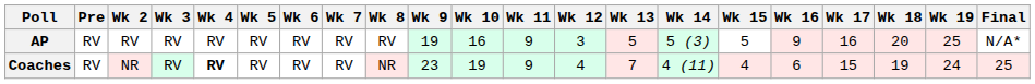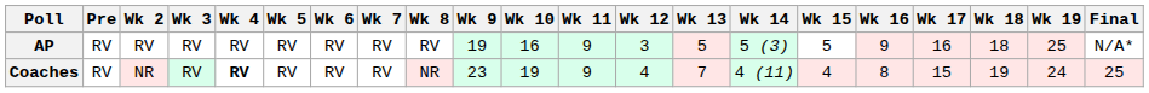 <table class="wikitable" style="white-space:nowrap;">
 <tr>
 <th>Poll</th>
 <th>Pre</th>
 <th>Wk 2</th>
 <th>Wk 3</th>
 <th>Wk 4</th>
 <th>Wk 5</th>
 <th>Wk 6</th>
 <th>Wk 7</th>
 <th>Wk 8</th>
 <th>Wk 9</th>
 <th>Wk 10</th>
 <th>Wk 11</th>
 <th>Wk 12</th>
 <th>Wk 13</th>
 <th>Wk 14</th>
 <th>Wk 15</th>
 <th>Wk 16</th>
 <th>Wk 17</th>
 <th>Wk 18</th>
 <th>Wk 19</th>
 <th>Final</th>
 </tr>
 <tr style="text-align:center;">
 <th>AP</th>
 <td style="background:#FFF;">RV</td>
 <td style="background:#FFF;">RV</td>
 <td style="background:#FFF;">RV</td>
 <td style="background:#FFF;">RV</td>
 <td style="background:#FFF;">RV</td>
 <td style="background:#FFF;">RV</td>
 <td style="background:#FFF;">RV</td>
 <td style="background:#FFF;">RV</td>
 <td style="background:#D8FFEB;">19</td>
 <td style="background:#D8FFEB;">16</td>
 <td style="background:#D8FFEB;">9</td>
 <td style="background:#D8FFEB;">3</td>
 <td style="background:#FFE6E6;">5</td>
 <td style="background:#D8FFEB;">5 <em>(3)</em></td>
 <td style="background:#FFF;">5</td>
 <td style="background:#FFE6E6;">9</td>
 <td style="background:#FFe6e6;">16</td>
-<td style="background:#FFe6e6;">20</td>
+<td style="background:#FFe6e6;">18</td>
 <td style="background:#FFE6E6;">25</td>
 <td style="background:#FFF;">N/A*</td>
 </tr>
 <tr style="text-align:center;">
 <th>Coaches</th>
 <td style="background:#FFF;">RV</td>
 <td style="background:#FFE6E6;">NR</td>
 <td style="background:#D8FFEB;">RV</td>
 <td style="background:#FFF;"><strong>RV</strong></td>
 <td style="background:#FFF;">RV</td>
 <td style="background:#FFF;">RV</td>
 <td style="background:#FFF;">RV</td>
 <td style="background:#FFE6E6;">NR</td>
 <td style="background:#D8FFEB;">23</td>
 <td style="background:#D8FFEB;">19</td>
 <td style="background:#D8FFEB;">9</td>
 <td style="background:#D8FFEB;">4</td>
 <td style="background:#FFE6E6;">7</td>
 <td style="background:#D8FFEB;">4 <em>(11)</em></td>
 <td style="background:#FFE6E6;">4</td>
-<td style="background:#FFE6E6;">6</td>
+<td style="background:#FFE6E6;">8</td>
 <td style="background:#FFE6E6;">15</td>
 <td style="background:#FFE6E6;">19</td>
 <td style="background:#FFE6E6;">24</td>
 <td style="background:#FFE6E6;">25</td>
 </tr>
 </table>
